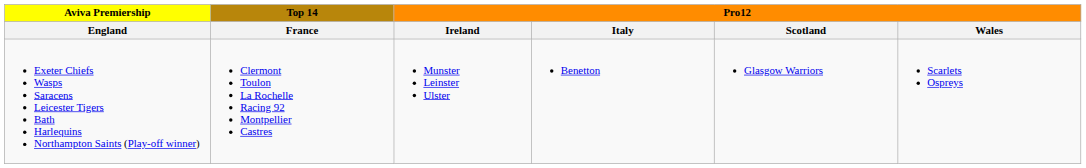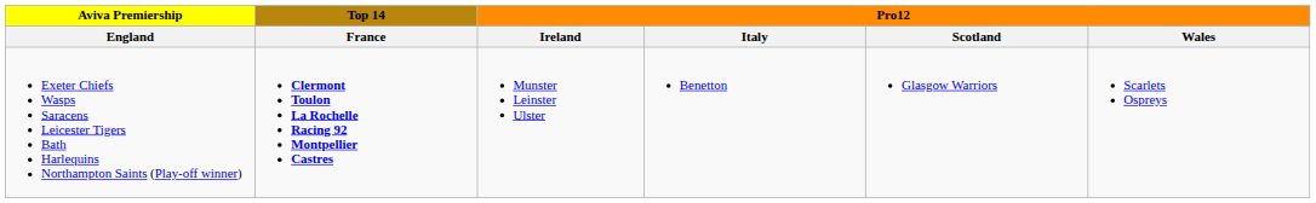 <table class="wikitable" style="width:100%;">
 <tr>
 <th style="background: #ffff00;">Aviva Premiership</th>
 <th style="background: #b8860b;">Top 14</th>
 <th colspan="4" style="background: #ff8c00;">Pro12</th>
 </tr>
 <tr>
 <th width=18%> England</th>
 <th width=16%> France</th>
 <th width=12%> Ireland</th>
 <th width=16%> Italy</th>
 <th width=16%> Scotland</th>
 <th width=16%> Wales</th>
 </tr>
 <tr valign=top>
 <td><br><ul><li><a href='#'>Exeter Chiefs</a></li><li><a href='#'>Wasps</a></li><li><a href='#'>Saracens</a></li><li><a href='#'>Leicester Tigers</a></li><li><a href='#'>Bath</a></li><li><a href='#'>Harlequins</a></li><li><a href='#'>Northampton Saints</a> (<a href='#'>Play-off winner</a>)</li></ul></td>
-<td><br><ul><li><a href='#'>Clermont</a></li><li><a href='#'>Toulon</a></li><li><a href='#'>La Rochelle</a></li><li><a href='#'>Racing 92</a></li><li><a href='#'>Montpellier</a></li><li><a href='#'>Castres</a></li></ul></td>
+<td><strong><br><ul><li><a href='#'>Clermont</a></li><li><a href='#'>Toulon</a></li><li><a href='#'>La Rochelle</a></li><li><a href='#'>Racing 92</a></li><li><a href='#'>Montpellier</a></li><li><a href='#'>Castres</a></li></ul></strong></td>
 <td><br><ul><li><a href='#'>Munster</a></li><li><a href='#'>Leinster</a></li><li><a href='#'>Ulster</a></li></ul></td>
 <td><br><ul><li><a href='#'>Benetton</a></li></ul></td>
 <td><br><ul><li><a href='#'>Glasgow Warriors</a></li></ul></td>
 <td><br><ul><li><a href='#'>Scarlets</a></li><li><a href='#'>Ospreys</a></li></ul></td>
 </tr>
 </table>
